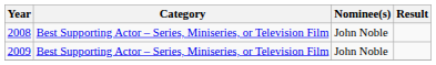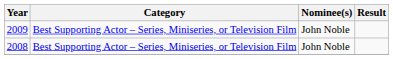 <table class="wikitable">
 <tr>
 <th>Year</th>
 <th>Category</th>
 <th>Nominee(s)</th>
 <th>Result</th>
 </tr>
 <tr>
-<td><a href='#'>2008</a></td>
+<td><a href='#'>2009</a></td>
 <td><a href='#'>Best Supporting Actor – Series, Miniseries, or Television Film</a></td>
 <td>John Noble</td>
 <td></td>
 </tr>
 <tr>
-<td><a href='#'>2009</a></td>
+<td><a href='#'>2008</a></td>
 <td><a href='#'>Best Supporting Actor – Series, Miniseries, or Television Film</a></td>
 <td>John Noble</td>
 <td></td>
 </tr>
 <tr>
 </tr>
 </table>
